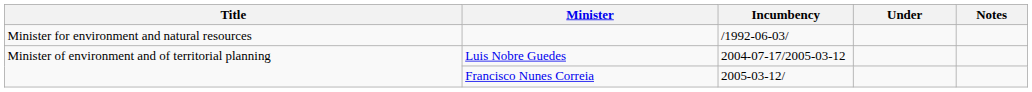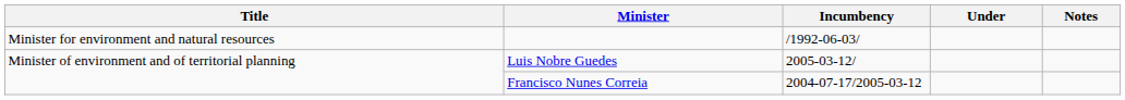 <table class="wikitable" style="width:100%;">
 <tr>
 <th>Title</th>
 <th style="width:25%;"><a href='#'>Minister</a></th>
 <th style="width:160px;">Incumbency</th>
 <th style="width:10%;">Under</th>
 <th style="width:7%;">Notes</th>
 </tr>
 <tr>
 <td>Minister for environment and natural resources</td>
 <td></td>
 <td>/1992-06-03/</td>
 <td></td>
 <td></td>
 </tr>
 <tr>
 <td rowspan="2" style="vertical-align:top;">Minister of environment and of territorial planning</td>
 <td><a href='#'>Luis Nobre Guedes</a></td>
-<td>2004-07-17/2005-03-12</td>
+<td>2005-03-12/</td>
 <td></td>
 <td></td>
 </tr>
 <tr>
 <td><a href='#'>Francisco Nunes Correia</a></td>
-<td>2005-03-12/</td>
+<td>2004-07-17/2005-03-12</td>
 <td></td>
 <td></td>
 </tr>
 </table>
